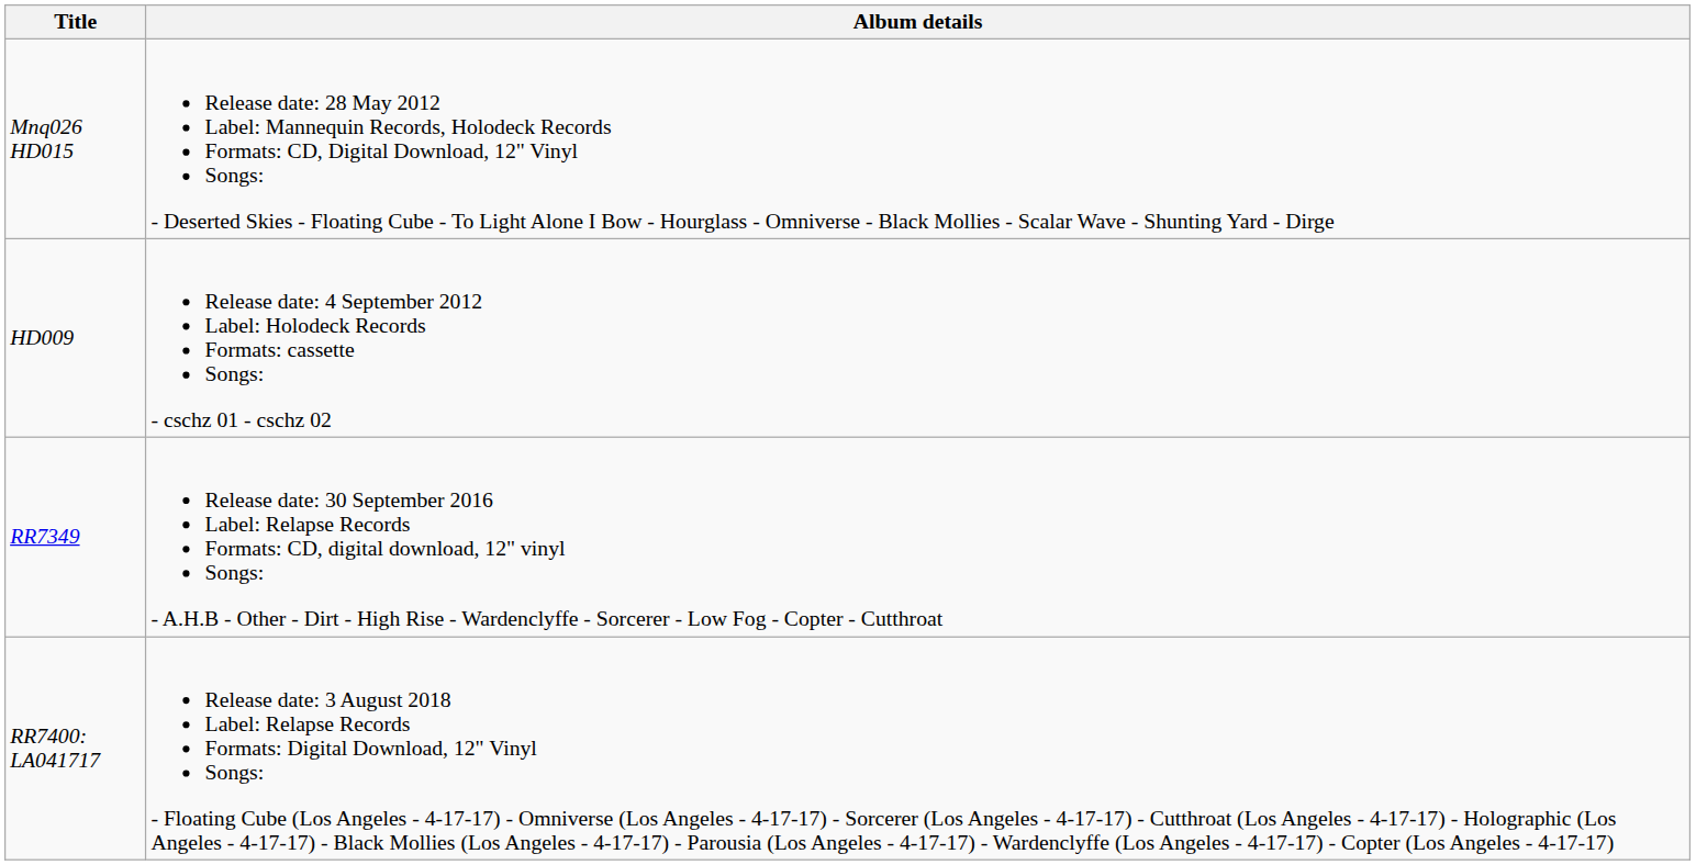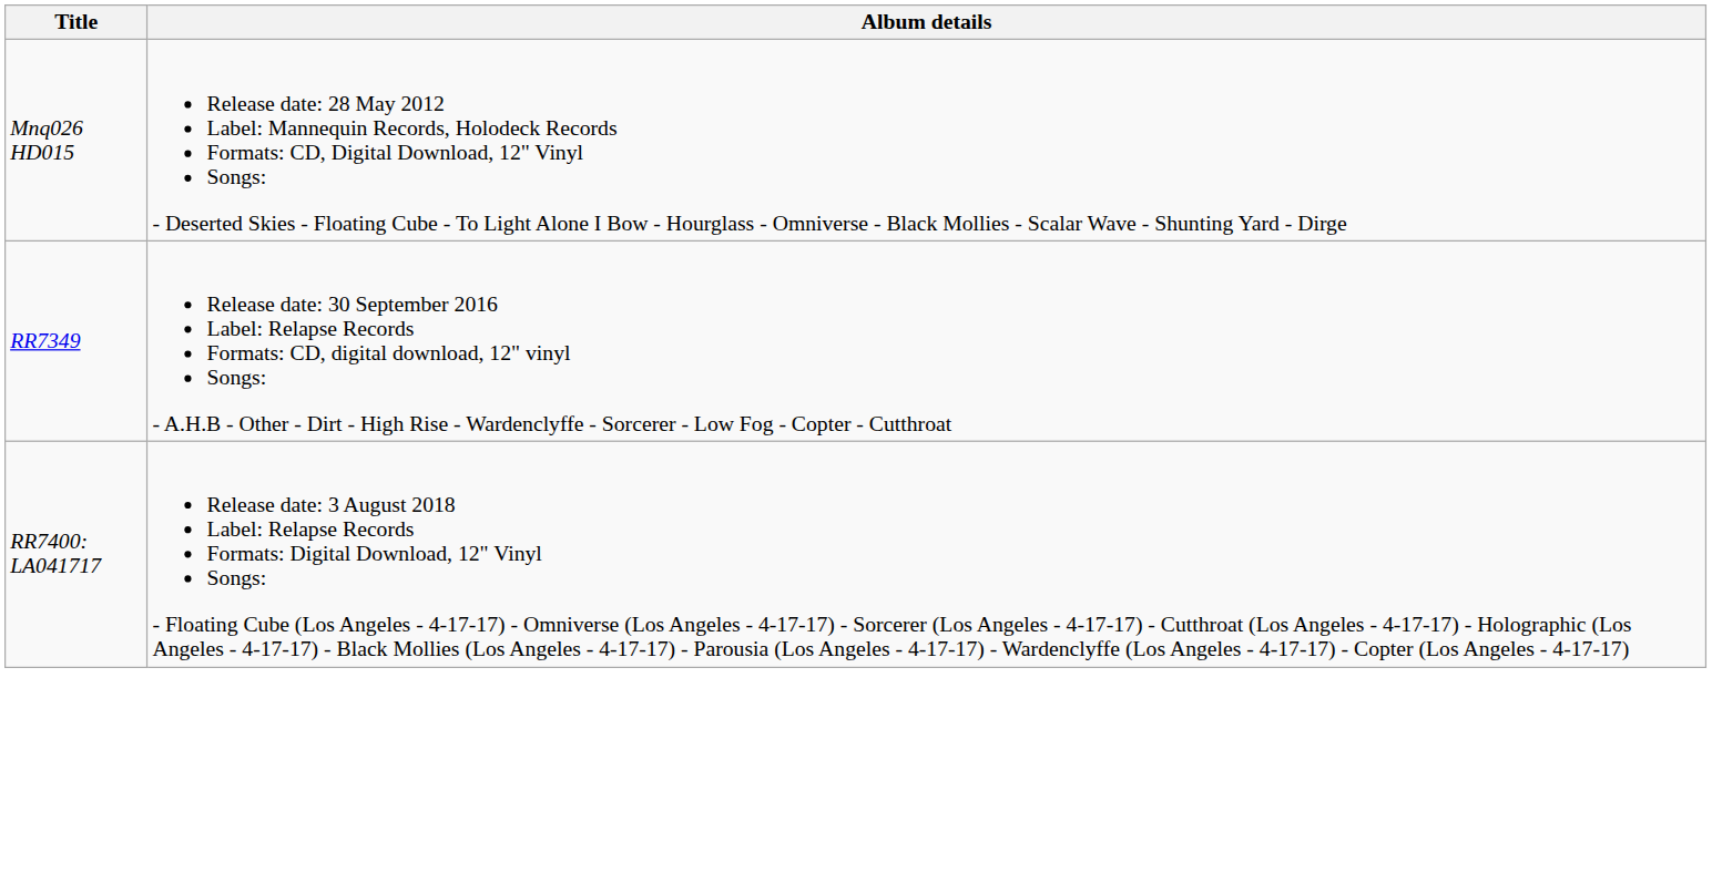 <table class="wikitable sortable">
 <tr>
 <th>Title</th>
 <th>Album details</th>
 </tr>
 <tr>
 <td><em>Mnq026</em><br><em>HD015</em></td>
 <td><br><ul><li>Release date: 28 May 2012</li><li>Label: Mannequin Records, Holodeck Records</li><li>Formats: CD, Digital Download, 12" Vinyl</li><li>Songs:</li></ul>- Deserted Skies - Floating Cube - To Light Alone I Bow - Hourglass - Omniverse - Black Mollies - Scalar Wave - Shunting Yard - Dirge</td>
 </tr>
 <tr>
-<td><em>HD009</em></td>
-<td><br><ul><li>Release date: 4 September 2012</li><li>Label: Holodeck Records</li><li>Formats: cassette</li><li>Songs:</li></ul>- cschz 01 - cschz 02</td>
-</tr>
-<tr>
 <td><em><a href='#'>RR7349</a></em></td>
 <td><br><ul><li>Release date: 30 September 2016</li><li>Label: Relapse Records</li><li>Formats: CD, digital download, 12" vinyl</li><li>Songs:</li></ul>- A.H.B - Other - Dirt - High Rise - Wardenclyffe - Sorcerer - Low Fog - Copter - Cutthroat</td>
 </tr>
 <tr>
 <td><em>RR7400: LA041717</em></td>
 <td><br><ul><li>Release date: 3 August 2018</li><li>Label: Relapse Records</li><li>Formats: Digital Download, 12" Vinyl</li><li>Songs:</li></ul>- Floating Cube  (Los Angeles - 4-17-17) - Omniverse  (Los Angeles  - 4-17-17) - Sorcerer  (Los Angeles - 4-17-17) - Cutthroat (Los Angeles - 4-17-17) - Holographic (Los Angeles - 4-17-17) - Black Mollies  (Los Angeles - 4-17-17) - Parousia  (Los Angeles - 4-17-17) - Wardenclyffe  (Los Angeles - 4-17-17) - Copter  (Los Angeles - 4-17-17)</td>
 </tr>
 </table>
